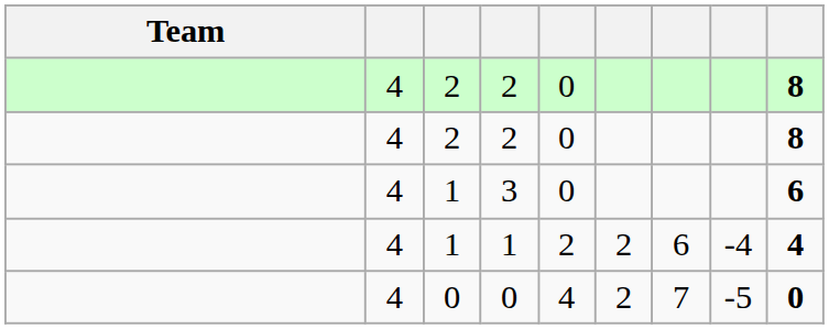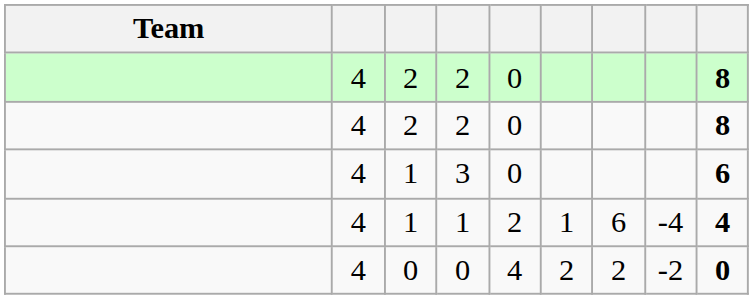 <table class="wikitable" style="text-align: center;">
 <tr>
 <th width="165">Team</th>
 <th width="20"></th>
 <th width="20"></th>
 <th width="20"></th>
 <th width="20"></th>
 <th width="20"></th>
 <th width="20"></th>
 <th width="20"></th>
 <th width="20"></th>
 </tr>
 <tr bgcolor="#ccffcc">
 <td align=left></td>
 <td>4</td>
 <td>2</td>
 <td>2</td>
 <td>0</td>
 <td></td>
 <td></td>
 <td></td>
 <td><strong>8</strong></td>
 </tr>
 <tr>
 <td align=left></td>
 <td>4</td>
 <td>2</td>
 <td>2</td>
 <td>0</td>
 <td></td>
 <td></td>
 <td></td>
 <td><strong>8</strong></td>
 </tr>
 <tr>
 <td align=left></td>
 <td>4</td>
 <td>1</td>
 <td>3</td>
 <td>0</td>
 <td></td>
 <td></td>
 <td></td>
 <td><strong>6</strong></td>
 </tr>
 <tr>
 <td align=left></td>
 <td>4</td>
 <td>1</td>
 <td>1</td>
 <td>2</td>
-<td>2</td>
+<td>1</td>
 <td>6</td>
 <td>-4</td>
 <td><strong>4</strong></td>
 </tr>
 <tr>
 <td align=left></td>
 <td>4</td>
 <td>0</td>
 <td>0</td>
 <td>4</td>
 <td>2</td>
-<td>7</td>
-<td>-5</td>
+<td>2</td>
+<td>-2</td>
 <td><strong>0</strong></td>
 </tr>
 </table>
